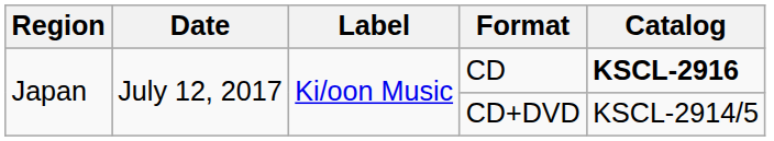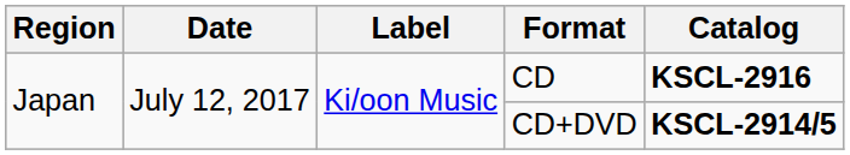 <table class="wikitable">
 <tr>
 <th>Region</th>
 <th>Date</th>
 <th>Label</th>
 <th>Format</th>
 <th>Catalog</th>
 </tr>
 <tr>
 <td rowspan="2">Japan</td>
 <td rowspan="2">July 12, 2017</td>
 <td rowspan="2"><a href='#'>Ki/oon Music</a></td>
 <td>CD</td>
 <td><strong>KSCL-2916</strong></td>
 </tr>
 <tr>
 <td>CD+DVD</td>
-<td>KSCL-2914/5</td>
+<td><strong>KSCL-2914/5</strong></td>
 </tr>
 </table>
